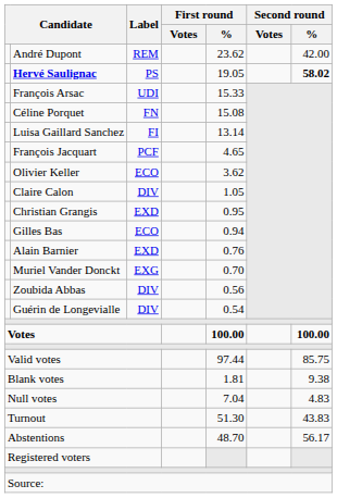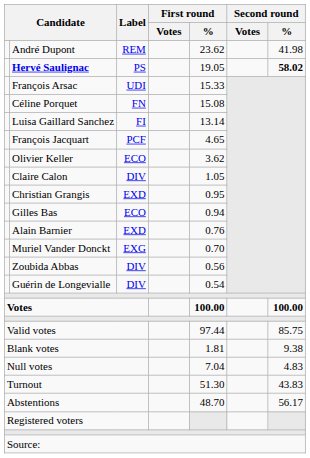 <table class="wikitable" style="text-align:right;font-size:95%;">
 <tr>
 <th colspan="2" rowspan="2">Candidate</th>
 <th rowspan="2">Label</th>
 <th colspan="2">First round</th>
 <th colspan="2">Second round</th>
 </tr>
 <tr>
 <th style="width:50px;">Votes</th>
 <th style="width:45px;">%</th>
 <th style="width:50px;">Votes</th>
 <th style="width:45px;">%</th>
 </tr>
 <tr>
 <td style="color:inherit;background:"></td>
 <td style="text-align:left;">André Dupont</td>
 <td><a href='#'>REM</a></td>
 <td></td>
 <td>23.62</td>
 <td></td>
-<td>42.00</td>
+<td>41.98</td>
 </tr>
 <tr>
 <td style="color:inherit;background:"></td>
 <td style="text-align:left;"><strong><a href='#'>Hervé Saulignac</a></strong></td>
 <td><a href='#'>PS</a></td>
 <td></td>
 <td>19.05</td>
 <td><strong></strong></td>
 <td><strong>58.02</strong></td>
 </tr>
 <tr>
 <td style="color:inherit;background:"></td>
 <td style="text-align:left;">François Arsac</td>
 <td><a href='#'>UDI</a></td>
 <td></td>
 <td>15.33</td>
 <td colspan="2" rowspan="12" style="background:#E9E9E9;"></td>
 </tr>
 <tr>
 <td style="color:inherit;background:"></td>
 <td style="text-align:left;">Céline Porquet</td>
 <td><a href='#'>FN</a></td>
 <td></td>
 <td>15.08</td>
 </tr>
 <tr>
 <td style="color:inherit;background:"></td>
 <td style="text-align:left;">Luisa Gaillard Sanchez</td>
 <td><a href='#'>FI</a></td>
 <td></td>
 <td>13.14</td>
 </tr>
 <tr>
 <td style="color:inherit;background:"></td>
 <td style="text-align:left;">François Jacquart</td>
 <td><a href='#'>PCF</a></td>
 <td></td>
 <td>4.65</td>
 </tr>
 <tr>
 <td style="color:inherit;background:"></td>
 <td style="text-align:left;">Olivier Keller</td>
 <td><a href='#'>ECO</a></td>
 <td></td>
 <td>3.62</td>
 </tr>
 <tr>
 <td style="color:inherit;background:"></td>
 <td style="text-align:left;">Claire Calon</td>
 <td><a href='#'>DIV</a></td>
 <td></td>
 <td>1.05</td>
 </tr>
 <tr>
 <td style="color:inherit;background:"></td>
 <td style="text-align:left;">Christian Grangis</td>
 <td><a href='#'>EXD</a></td>
 <td></td>
 <td>0.95</td>
 </tr>
 <tr>
 <td style="color:inherit;background:"></td>
 <td style="text-align:left;">Gilles Bas</td>
 <td><a href='#'>ECO</a></td>
 <td></td>
 <td>0.94</td>
 </tr>
 <tr>
 <td style="color:inherit;background:"></td>
 <td style="text-align:left;">Alain Barnier</td>
 <td><a href='#'>EXD</a></td>
 <td></td>
 <td>0.76</td>
 </tr>
 <tr>
 <td style="color:inherit;background:"></td>
 <td style="text-align:left;">Muriel Vander Donckt</td>
 <td><a href='#'>EXG</a></td>
 <td></td>
 <td>0.70</td>
 </tr>
 <tr>
 <td style="color:inherit;background:"></td>
 <td style="text-align:left;">Zoubida Abbas</td>
 <td><a href='#'>DIV</a></td>
 <td></td>
 <td>0.56</td>
 </tr>
 <tr>
 <td style="color:inherit;background:"></td>
 <td style="text-align:left;">Guérin de Longevialle</td>
 <td><a href='#'>DIV</a></td>
 <td></td>
 <td>0.54</td>
 </tr>
 <tr>
 <td colspan="7" style="background:#E9E9E9;"></td>
 </tr>
 <tr style="font-weight:bold;">
 <td colspan="3" style="text-align:left;">Votes</td>
 <td></td>
 <td>100.00</td>
 <td></td>
 <td>100.00</td>
 </tr>
 <tr>
 <td colspan="7" style="background:#E9E9E9;"></td>
 </tr>
 <tr>
 <td colspan="3" style="text-align:left;">Valid votes</td>
 <td></td>
 <td>97.44</td>
 <td></td>
 <td>85.75</td>
 </tr>
 <tr>
 <td colspan="3" style="text-align:left;">Blank votes</td>
 <td></td>
 <td>1.81</td>
 <td></td>
 <td>9.38</td>
 </tr>
 <tr>
 <td colspan="3" style="text-align:left;">Null votes</td>
 <td></td>
 <td>7.04</td>
 <td></td>
 <td>4.83</td>
 </tr>
 <tr>
 <td colspan="3" style="text-align:left;">Turnout</td>
 <td></td>
 <td>51.30</td>
 <td></td>
 <td>43.83</td>
 </tr>
 <tr>
 <td colspan="3" style="text-align:left;">Abstentions</td>
 <td></td>
 <td>48.70</td>
 <td></td>
 <td>56.17</td>
 </tr>
 <tr>
 <td colspan="3" style="text-align:left;">Registered voters</td>
 <td></td>
 <td style="color:inherit;background:#E9E9E9;"></td>
 <td></td>
 <td style="color:inherit;background:#E9E9E9;"></td>
 </tr>
 <tr>
 <td colspan="7" style="background:#E9E9E9;"></td>
 </tr>
 <tr>
 <td colspan="7" style="text-align:left;">Source: </td>
 </tr>
 </table>
